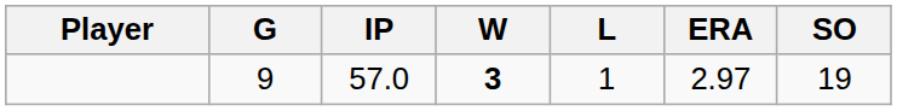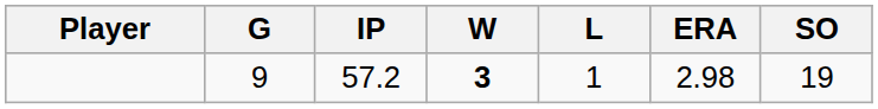 <table class="wikitable sortable">
 <tr>
 <th bgcolor="#DDDDFF" width="16%">Player</th>
 <th bgcolor="#DDDDFF" width="9%">G</th>
 <th bgcolor="#DDDDFF" width="9%">IP</th>
 <th bgcolor="#DDDDFF" width="9%">W</th>
 <th bgcolor="#DDDDFF" width="9%">L</th>
 <th bgcolor="#DDDDFF" width="9%">ERA</th>
 <th bgcolor="#DDDDFF" width="9%">SO</th>
 </tr>
 <tr align="center">
 <td></td>
 <td>9</td>
-<td>57.0</td>
+<td>57.2</td>
 <td><strong>3</strong></td>
 <td>1</td>
-<td>2.97</td>
+<td>2.98</td>
 <td>19</td>
 </tr>
 </table>
